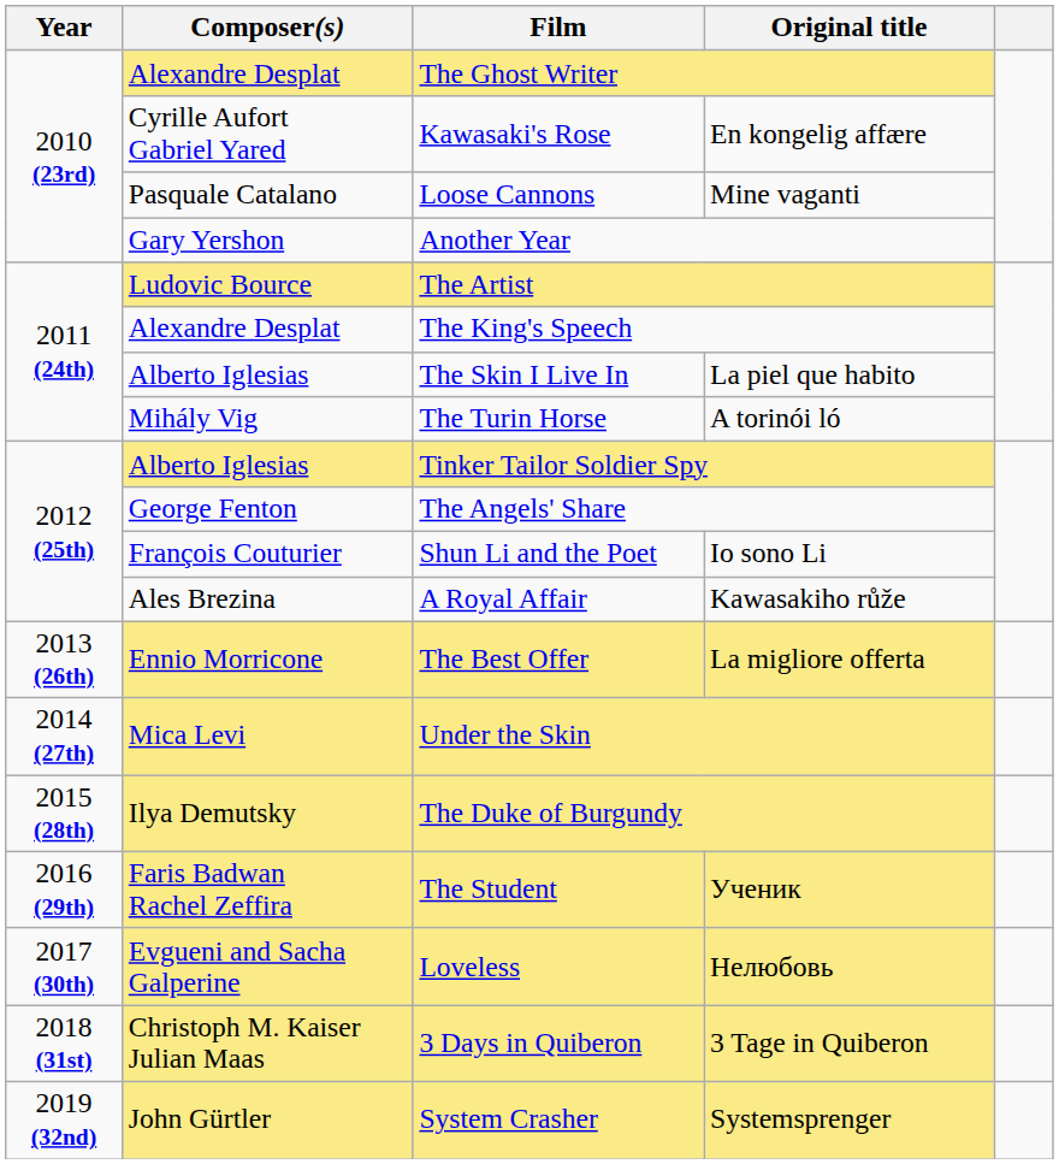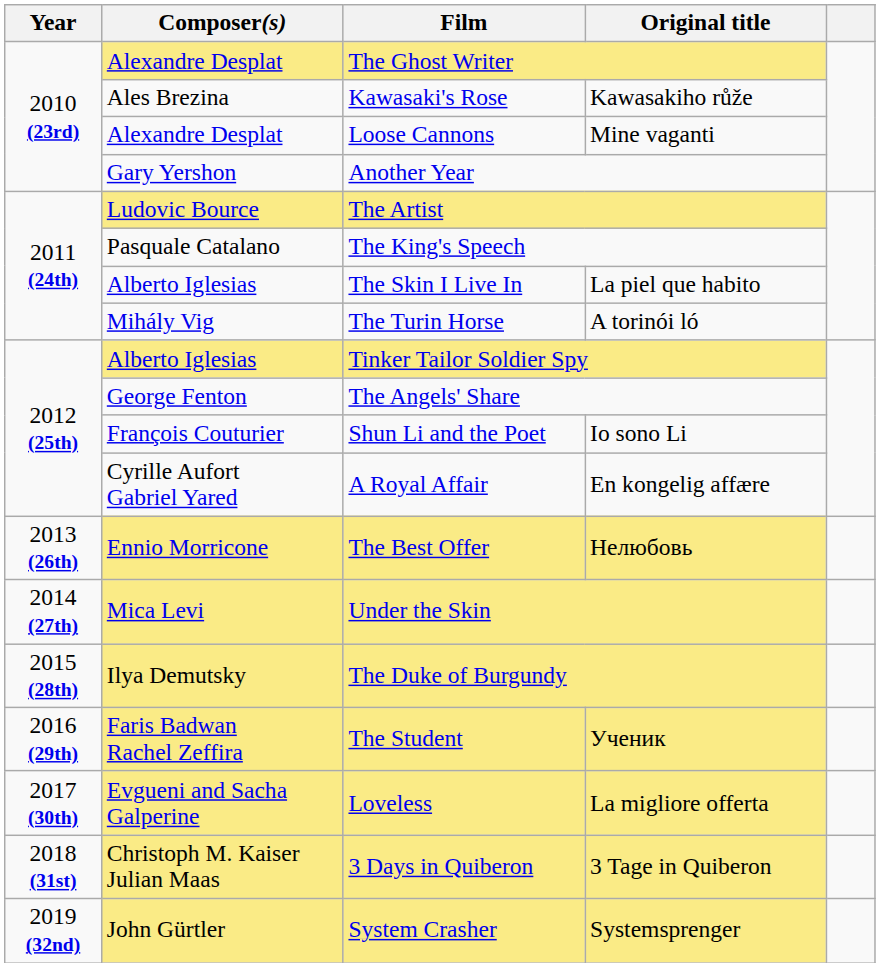 <table class="wikitable" width="95%" cellpadding="5">
 <tr>
 <th width="10%"><strong>Year</strong></th>
 <th width="25%"><strong>Composer<strong><em>(s)<em></th>
 <th width="25%"></strong>Film<strong></th>
 <th width="25%"></strong>Original title<strong></th>
 <th width="5%"></th>
 </tr>
 <tr>
 <td rowspan="4" style="text-align:center;"></strong>2010<strong><br><small><a href='#'>(23rd)</a></small></td>
 <td style="background:#FAEB86;"></strong><a href='#'>Alexandre Desplat</a><strong></td>
 <td colspan="2" style="background:#FAEB86;"></em></strong><a href='#'>The Ghost Writer</a><strong><em></td>
 <td rowspan="4"><br></td>
 </tr>
 <tr>
-<td>Cyrille Aufort<br> <a href='#'>Gabriel Yared</a></td>
+<td>Ales Brezina</td>
 <td></em><a href='#'>Kawasaki's Rose</a><em></td>
-<td></em>En kongelig affære<em></td>
+<td></em>Kawasakiho růže<em></td>
 </tr>
 <tr>
-<td>Pasquale Catalano</td>
+<td><a href='#'>Alexandre Desplat</a></td>
 <td></em><a href='#'>Loose Cannons</a><em></td>
 <td></em>Mine vaganti<em></td>
 </tr>
 <tr>
 <td><a href='#'>Gary Yershon</a></td>
 <td colspan="2"></em><a href='#'>Another Year</a><em></td>
 </tr>
 <tr>
 <td rowspan="4" style="text-align:center;"></strong>2011<strong><br><small><a href='#'>(24th)</a></small></td>
 <td style="background:#FAEB86;"></strong><a href='#'>Ludovic Bource</a><strong></td>
 <td colspan="2" style="background:#FAEB86;"></em></strong><a href='#'>The Artist</a><strong><em></td>
 <td rowspan="4"><br></td>
 </tr>
 <tr>
-<td><a href='#'>Alexandre Desplat</a></td>
+<td>Pasquale Catalano</td>
 <td colspan="2"></em><a href='#'>The King's Speech</a><em></td>
 </tr>
 <tr>
 <td><a href='#'>Alberto Iglesias</a></td>
 <td></em><a href='#'>The Skin I Live In</a><em></td>
 <td></em>La piel que habito<em></td>
 </tr>
 <tr>
 <td><a href='#'>Mihály Vig</a></td>
 <td></em><a href='#'>The Turin Horse</a><em></td>
 <td></em>A torinói ló<em></td>
 </tr>
 <tr>
 <td rowspan="4" style="text-align:center;"></strong>2012<strong><br><small><a href='#'>(25th)</a></small></td>
 <td style="background:#FAEB86;"></strong><a href='#'>Alberto Iglesias</a><strong></td>
 <td colspan="2" style="background:#FAEB86;"></em></strong><a href='#'>Tinker Tailor Soldier Spy</a><strong><em></td>
 <td rowspan="4"></td>
 </tr>
 <tr>
 <td><a href='#'>George Fenton</a></td>
 <td colspan="2"></em><a href='#'>The Angels' Share</a><em></td>
 </tr>
 <tr>
 <td><a href='#'>François Couturier</a></td>
 <td></em><a href='#'>Shun Li and the Poet</a><em></td>
 <td></em>Io sono Li<em></td>
 </tr>
 <tr>
-<td>Ales Brezina</td>
+<td>Cyrille Aufort<br> <a href='#'>Gabriel Yared</a></td>
 <td></em><a href='#'>A Royal Affair</a><em></td>
-<td></em>Kawasakiho růže<em></td>
+<td></em>En kongelig affære<em></td>
 </tr>
 <tr>
 <td style="text-align:center;"></strong>2013<strong><br><small><a href='#'>(26th)</a></small></td>
 <td style="background:#FAEB86;"></strong><a href='#'>Ennio Morricone</a><strong></td>
 <td style="background:#FAEB86;"></em></strong><a href='#'>The Best Offer</a><strong><em></td>
-<td style="background:#FAEB86;"></em></strong>La migliore offerta<strong><em></td>
+<td style="background:#FAEB86;"></em></strong>Нелюбовь<strong><em></td>
 <td></td>
 </tr>
 <tr>
 <td style="text-align:center;"></strong>2014<strong><br><small><a href='#'>(27th)</a></small></td>
 <td style="background:#FAEB86;"></strong><a href='#'>Mica Levi</a><strong></td>
 <td colspan="2" style="background:#FAEB86;"></em></strong><a href='#'>Under the Skin</a><strong><em></td>
 <td></td>
 </tr>
 <tr>
 <td style="text-align:center;"></strong>2015<strong><br><small><a href='#'>(28th)</a></small></td>
 <td style="background:#FAEB86;"></strong>Ilya Demutsky<strong></td>
 <td colspan="2" style="background:#FAEB86;"></em></strong><a href='#'>The Duke of Burgundy</a><strong><em></td>
 <td></td>
 </tr>
 <tr>
 <td style="text-align:center;"></strong>2016<strong><br><small><a href='#'>(29th)</a></small></td>
 <td style="background:#FAEB86;"></strong> <a href='#'>Faris Badwan</a><br> <a href='#'>Rachel Zeffira</a><strong></td>
 <td style="background:#FAEB86;"></em></strong><a href='#'>The Student</a><strong><em></td>
 <td style="background:#FAEB86;"></em></strong>Ученик<strong><em></td>
 <td></td>
 </tr>
 <tr>
 <td style="text-align:center;"></strong>2017<strong><br><small><a href='#'>(30th)</a></small></td>
 <td style="background:#FAEB86;"></strong><a href='#'>Evgueni and Sacha Galperine</a><strong></td>
 <td style="background:#FAEB86;"></em></strong><a href='#'>Loveless</a><strong><em></td>
-<td style="background:#FAEB86;"></em></strong>Нелюбовь<strong><em></td>
+<td style="background:#FAEB86;"></em></strong>La migliore offerta<strong><em></td>
 <td></td>
 </tr>
 <tr>
 <td style="text-align:center;"></strong>2018<strong><br><small><a href='#'>(31st)</a></small></td>
 <td style="background:#FAEB86;"></strong>Christoph M. Kaiser<br> Julian Maas<strong></td>
 <td style="background:#FAEB86;"></em></strong><a href='#'>3 Days in Quiberon</a><strong><em></td>
 <td style="background:#FAEB86;"></em></strong>3 Tage in Quiberon<strong><em></td>
 <td></td>
 </tr>
 <tr>
 <td style="text-align:center;"></strong>2019<strong><br><small><a href='#'>(32nd)</a></small></td>
 <td style="background:#FAEB86;"></strong>John Gürtler<strong></td>
 <td style="background:#FAEB86;"></em></strong><a href='#'>System Crasher</a><strong><em></td>
 <td style="background:#FAEB86;"></em></strong>Systemsprenger<strong><em></td>
 <td></td>
 </tr>
 </table>
